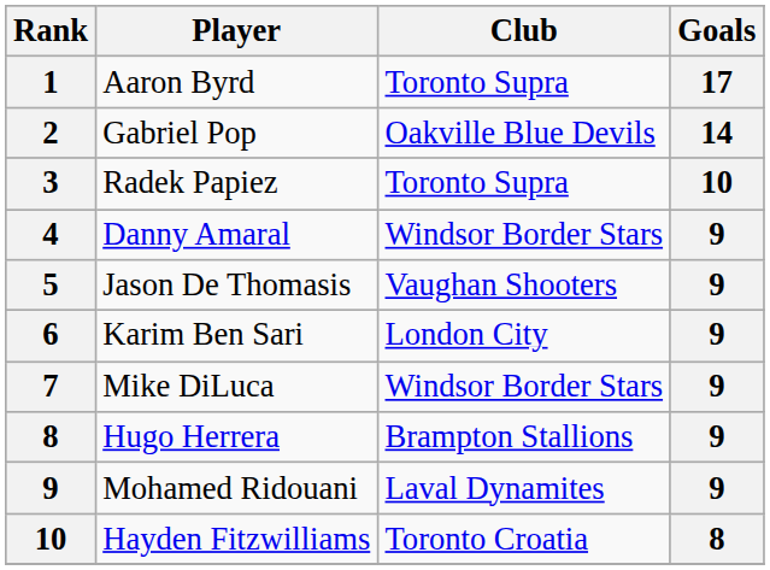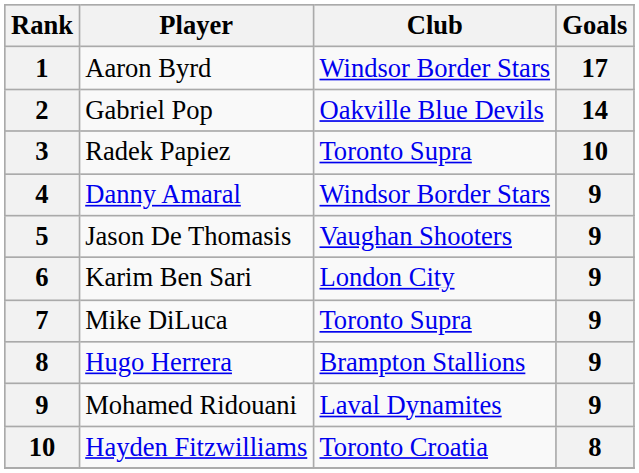 <table class="wikitable" style="text-align:center">
 <tr>
 <th>Rank</th>
 <th>Player</th>
 <th>Club</th>
 <th>Goals</th>
 </tr>
 <tr>
 <th>1</th>
 <td align="left"> Aaron Byrd</td>
-<td align="left"><a href='#'>Toronto Supra</a></td>
+<td align="left"><a href='#'>Windsor Border Stars</a></td>
 <th>17</th>
 </tr>
 <tr>
 <th>2</th>
 <td align="left"> Gabriel Pop</td>
 <td align="left"><a href='#'>Oakville Blue Devils</a></td>
 <th>14</th>
 </tr>
 <tr>
 <th>3</th>
 <td align="left">Radek Papiez</td>
 <td align="left"><a href='#'>Toronto Supra</a></td>
 <th>10</th>
 </tr>
 <tr>
 <th>4</th>
 <td align="left"> <a href='#'>Danny Amaral</a></td>
 <td align="left"><a href='#'>Windsor Border Stars</a></td>
 <th>9</th>
 </tr>
 <tr>
 <th>5</th>
 <td align="left"> Jason De Thomasis</td>
 <td align="left"><a href='#'>Vaughan Shooters</a></td>
 <th>9</th>
 </tr>
 <tr>
 <th>6</th>
 <td align="left">Karim Ben Sari</td>
 <td align="left"><a href='#'>London City</a></td>
 <th>9</th>
 </tr>
 <tr>
 <th>7</th>
 <td align="left"> Mike DiLuca</td>
-<td align="left"><a href='#'>Windsor Border Stars</a></td>
+<td align="left"><a href='#'>Toronto Supra</a></td>
 <th>9</th>
 </tr>
 <tr>
 <th>8</th>
 <td align="left"> <a href='#'>Hugo Herrera</a></td>
 <td align="left"><a href='#'>Brampton Stallions</a></td>
 <th>9</th>
 </tr>
 <tr>
 <th>9</th>
 <td align="left">Mohamed Ridouani</td>
 <td align="left"><a href='#'>Laval Dynamites</a></td>
 <th>9</th>
 </tr>
 <tr>
 <th>10</th>
 <td align="left"> <a href='#'>Hayden Fitzwilliams</a></td>
 <td align="left"><a href='#'>Toronto Croatia</a></td>
 <th>8</th>
 </tr>
 <tr>
 </tr>
 </table>
